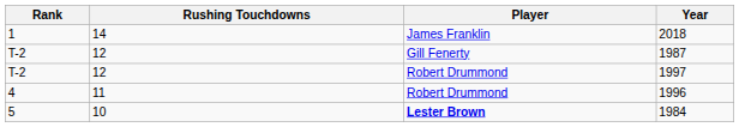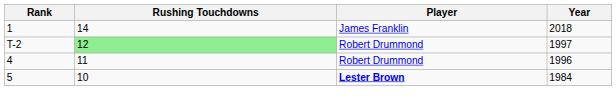 <table class="wikitable" style="width:60%;">
 <tr>
 <th>Rank</th>
 <th>Rushing Touchdowns</th>
 <th>Player</th>
 <th>Year</th>
 </tr>
 <tr>
 <td>1</td>
 <td>14</td>
 <td><a href='#'>James Franklin</a></td>
 <td>2018</td>
 </tr>
 <tr>
 <td>T-2</td>
-<td>12</td>
-<td><a href='#'>Gill Fenerty</a></td>
-<td>1987</td>
-</tr>
-<tr>
-<td>T-2</td>
-<td>12</td>
+<td style="background: lightgreen;">12</td>
 <td><a href='#'>Robert Drummond</a></td>
 <td>1997</td>
 </tr>
 <tr>
 <td>4</td>
 <td>11</td>
 <td><a href='#'>Robert Drummond</a></td>
 <td>1996</td>
 </tr>
 <tr>
 <td>5</td>
 <td>10</td>
 <td><strong><a href='#'>Lester Brown</a></strong></td>
 <td>1984</td>
 </tr>
 </table>
